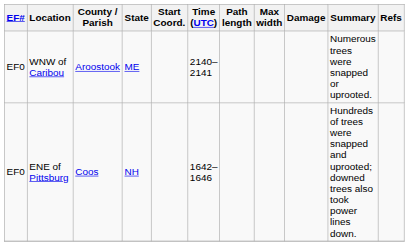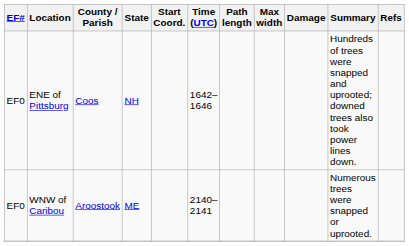 <table class="wikitable sortable" style="width:100%;">
 <tr>
 <th scope="col" width="3%" align="center"><a href='#'>EF#</a></th>
 <th scope="col" width="7%" align="center" class="unsortable">Location</th>
 <th scope="col" width="6%" align="center" class="unsortable">County / Parish</th>
 <th scope="col" width="5%" align="center">State</th>
 <th scope="col" width="6%" align="center">Start Coord.</th>
 <th scope="col" width="6%" align="center">Time (<a href='#'>UTC</a>)</th>
 <th scope="col" width="6%" align="center">Path length</th>
 <th scope="col" width="6%" align="center">Max width</th>
 <th scope="col" width="6%" align="center">Damage</th>
 <th scope="col" width="48%" class="unsortable" align="center">Summary</th>
 <th scope="col" width="48%" class="unsortable" align="center">Refs</th>
 </tr>
 <tr>
 <td>EF0</td>
+<td>ENE of <a href='#'>Pittsburg</a></td>
+<td><a href='#'>Coos</a></td>
+<td><a href='#'>NH</a></td>
+<td></td>
+<td>1642–1646</td>
+<td></td>
+<td></td>
+<td></td>
+<td>Hundreds of trees were snapped and uprooted; downed trees also took power lines down.</td>
+<td></td>
+</tr>
+<tr>
+<td>EF0</td>
 <td>WNW of <a href='#'>Caribou</a></td>
 <td><a href='#'>Aroostook</a></td>
 <td><a href='#'>ME</a></td>
 <td></td>
 <td>2140–2141</td>
 <td></td>
 <td></td>
 <td></td>
 <td>Numerous trees were snapped or uprooted.</td>
 <td></td>
 </tr>
 <tr>
-<td>EF0</td>
-<td>ENE of <a href='#'>Pittsburg</a></td>
-<td><a href='#'>Coos</a></td>
-<td><a href='#'>NH</a></td>
-<td></td>
-<td>1642–1646</td>
-<td></td>
-<td></td>
-<td></td>
-<td>Hundreds of trees were snapped and uprooted; downed trees also took power lines down.</td>
-<td></td>
-</tr>
-<tr>
 </tr>
 </table>
